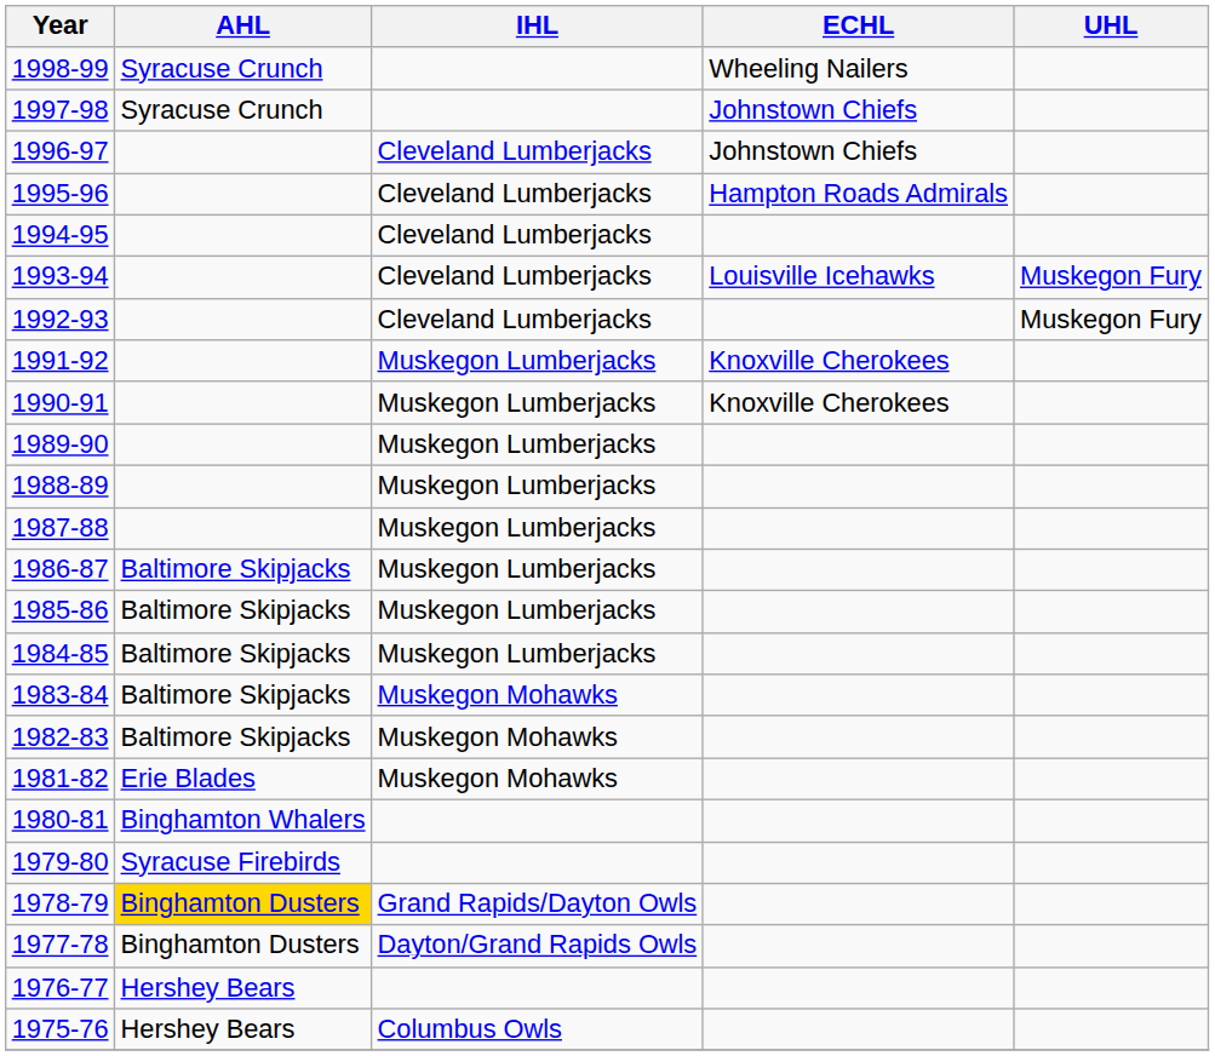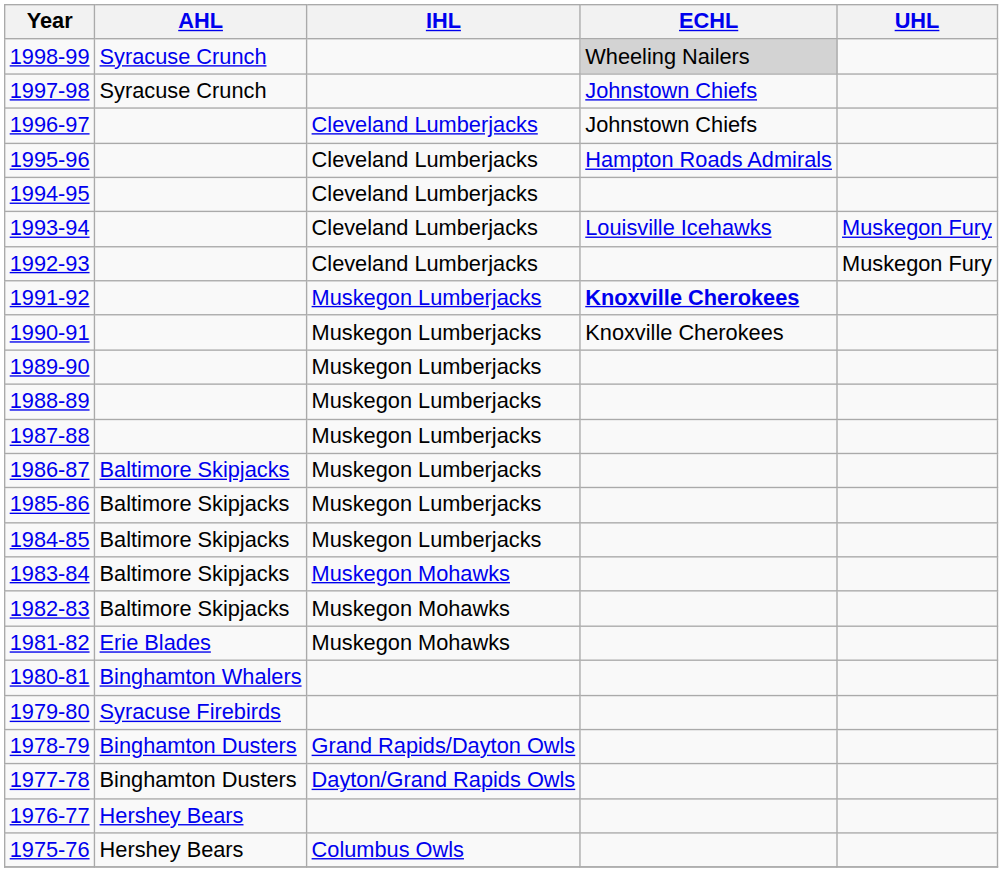 <table class="wikitable">
 <tr>
 <th>Year</th>
 <th><a href='#'>AHL</a></th>
 <th><a href='#'>IHL</a></th>
 <th><a href='#'>ECHL</a></th>
 <th><a href='#'>UHL</a></th>
 </tr>
 <tr>
 <td><a href='#'>1998-99</a></td>
 <td><a href='#'>Syracuse Crunch</a></td>
 <td></td>
-<td>Wheeling Nailers</td>
+<td style="background: lightgrey;">Wheeling Nailers</td>
 <td></td>
 </tr>
 <tr>
 <td><a href='#'>1997-98</a></td>
 <td>Syracuse Crunch</td>
 <td></td>
 <td><a href='#'>Johnstown Chiefs</a></td>
 <td></td>
 </tr>
 <tr>
 <td><a href='#'>1996-97</a></td>
 <td></td>
 <td><a href='#'>Cleveland Lumberjacks</a></td>
 <td>Johnstown Chiefs</td>
 <td></td>
 </tr>
 <tr>
 <td><a href='#'>1995-96</a></td>
 <td></td>
 <td>Cleveland Lumberjacks</td>
 <td><a href='#'>Hampton Roads Admirals</a></td>
 <td></td>
 </tr>
 <tr>
 <td><a href='#'>1994-95</a></td>
 <td></td>
 <td>Cleveland Lumberjacks</td>
 <td></td>
 <td></td>
 </tr>
 <tr>
 <td><a href='#'>1993-94</a></td>
 <td></td>
 <td>Cleveland Lumberjacks</td>
 <td><a href='#'>Louisville Icehawks</a></td>
 <td><a href='#'>Muskegon Fury</a></td>
 </tr>
 <tr>
 <td><a href='#'>1992-93</a></td>
 <td></td>
 <td>Cleveland Lumberjacks</td>
 <td></td>
 <td>Muskegon Fury</td>
 </tr>
 <tr>
 <td><a href='#'>1991-92</a></td>
 <td></td>
 <td><a href='#'>Muskegon Lumberjacks</a></td>
-<td><a href='#'>Knoxville Cherokees</a></td>
+<td><strong><a href='#'>Knoxville Cherokees</a></strong></td>
 <td></td>
 </tr>
 <tr>
 <td><a href='#'>1990-91</a></td>
 <td></td>
 <td>Muskegon Lumberjacks</td>
 <td>Knoxville Cherokees</td>
 <td></td>
 </tr>
 <tr>
 <td><a href='#'>1989-90</a></td>
 <td></td>
 <td>Muskegon Lumberjacks</td>
 <td></td>
 <td></td>
 </tr>
 <tr>
 <td><a href='#'>1988-89</a></td>
 <td></td>
 <td>Muskegon Lumberjacks</td>
 <td></td>
 <td></td>
 </tr>
 <tr>
 <td><a href='#'>1987-88</a></td>
 <td></td>
 <td>Muskegon Lumberjacks</td>
 <td></td>
 <td></td>
 </tr>
 <tr>
 <td><a href='#'>1986-87</a></td>
 <td><a href='#'>Baltimore Skipjacks</a></td>
 <td>Muskegon Lumberjacks</td>
 <td></td>
 <td></td>
 </tr>
 <tr>
 <td><a href='#'>1985-86</a></td>
 <td>Baltimore Skipjacks</td>
 <td>Muskegon Lumberjacks</td>
 <td></td>
 <td></td>
 </tr>
 <tr>
 <td><a href='#'>1984-85</a></td>
 <td>Baltimore Skipjacks</td>
 <td>Muskegon Lumberjacks</td>
 <td></td>
 <td></td>
 </tr>
 <tr>
 <td><a href='#'>1983-84</a></td>
 <td>Baltimore Skipjacks</td>
 <td><a href='#'>Muskegon Mohawks</a></td>
 <td></td>
 <td></td>
 </tr>
 <tr>
 <td><a href='#'>1982-83</a></td>
 <td>Baltimore Skipjacks</td>
 <td>Muskegon Mohawks</td>
 <td></td>
 <td></td>
 </tr>
 <tr>
 <td><a href='#'>1981-82</a></td>
 <td><a href='#'>Erie Blades</a></td>
 <td>Muskegon Mohawks</td>
 <td></td>
 <td></td>
 </tr>
 <tr>
 <td><a href='#'>1980-81</a></td>
 <td><a href='#'>Binghamton Whalers</a></td>
 <td></td>
 <td></td>
 <td></td>
 </tr>
 <tr>
 <td><a href='#'>1979-80</a></td>
 <td><a href='#'>Syracuse Firebirds</a></td>
 <td></td>
 <td></td>
 <td></td>
 </tr>
 <tr>
 <td><a href='#'>1978-79</a></td>
-<td style="background: gold;"><a href='#'>Binghamton Dusters</a></td>
+<td><a href='#'>Binghamton Dusters</a></td>
 <td><a href='#'>Grand Rapids/Dayton Owls</a></td>
 <td></td>
 <td></td>
 </tr>
 <tr>
 <td><a href='#'>1977-78</a></td>
 <td>Binghamton Dusters</td>
 <td><a href='#'>Dayton/Grand Rapids Owls</a></td>
 <td></td>
 <td></td>
 </tr>
 <tr>
 <td><a href='#'>1976-77</a></td>
 <td><a href='#'>Hershey Bears</a></td>
 <td></td>
 <td></td>
 <td></td>
 </tr>
 <tr>
 <td><a href='#'>1975-76</a></td>
 <td>Hershey Bears</td>
 <td><a href='#'>Columbus Owls</a></td>
 <td></td>
 <td></td>
 </tr>
 <tr>
 </tr>
 </table>
